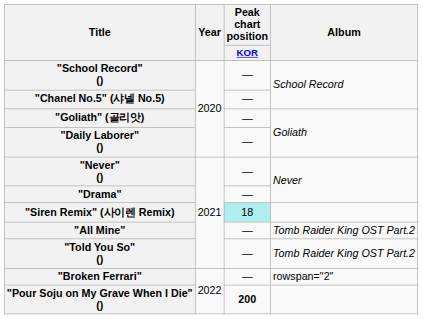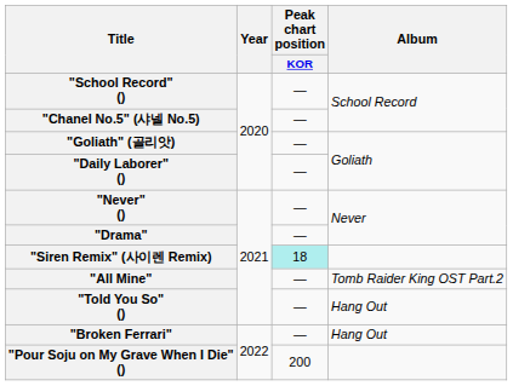 <table class="wikitable plainrowheaders">
 <tr>
 <th rowspan="2">Title</th>
 <th rowspan="2">Year</th>
 <th>Peak<br>chart<br>position</th>
 <th rowspan="2">Album</th>
 </tr>
 <tr>
 <th scope="col" style="width:3em; font-size:90%"><a href='#'>KOR</a><br></th>
 </tr>
 <tr>
 <th scope="row">"School Record"<br>()</th>
 <td rowspan="4">2020</td>
 <td align="center">—</td>
 <td rowspan="2"><em>School Record</em></td>
 </tr>
 <tr>
 <th scope="row">"Chanel No.5" (샤넬 No.5)</th>
 <td align="center">—</td>
 </tr>
 <tr>
 <th scope="row">"Goliath" (골리앗)</th>
 <td align="center">—</td>
 <td rowspan="2"><em>Goliath</em></td>
 </tr>
 <tr>
 <th scope="row">"Daily Laborer"<br>()</th>
 <td align="center">—</td>
 </tr>
 <tr>
 <th scope="row">"Never"<br>()</th>
 <td rowspan="5">2021</td>
 <td align="center">—</td>
 <td rowspan="2"><em>Never</em></td>
 </tr>
 <tr>
 <th scope="row">"Drama"</th>
 <td align="center">—</td>
 </tr>
 <tr>
 <th scope="row">"Siren Remix" (사이렌 Remix)<br></th>
 <td align="center" style="background: paleturquoise;">18</td>
 <td></td>
 </tr>
 <tr>
 <th scope="row">"All Mine"</th>
 <td align="center">—</td>
 <td><em>Tomb Raider King OST Part.2</em></td>
 </tr>
 <tr>
 <th scope="row">"Told You So"<br>()</th>
 <td align="center">—</td>
-<td><em>Tomb Raider King OST Part.2</em></td>
+<td><em>Hang Out</em></td>
 </tr>
 <tr>
 <th scope="row">"Broken Ferrari"</th>
 <td rowspan="2">2022</td>
 <td align="center">—</td>
-<td>rowspan="2" </td>
+<td><em>Hang Out</em></td>
 </tr>
 <tr>
 <th scope="row">"Pour Soju on My Grave When I Die"<br>()</th>
-<td align="center"><strong>200</strong></td>
+<td align="center">200</td>
 </tr>
 </table>
